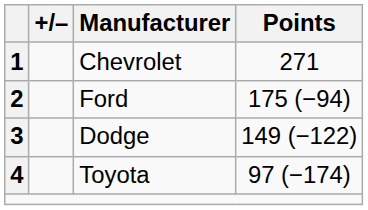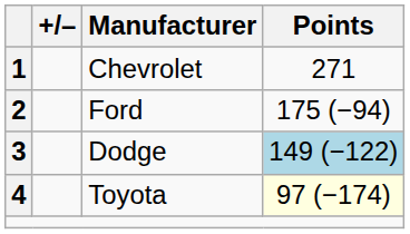 <table class="wikitable">
 <tr>
 <th scope="col"></th>
 <th scope="col">+/–</th>
 <th scope="col">Manufacturer</th>
 <th scope="col">Points</th>
 </tr>
 <tr>
 <th scope="row"><strong>1</strong></th>
 <td align="left"></td>
 <td>Chevrolet</td>
 <td style="text-align:center;">271</td>
 </tr>
 <tr>
 <th scope="row"><strong>2</strong></th>
 <td align="left"></td>
 <td>Ford</td>
 <td style="text-align:center;">175 (−94)</td>
 </tr>
 <tr>
 <th scope="row"><strong>3</strong></th>
 <td align="left"></td>
 <td>Dodge</td>
-<td style="text-align:center;">149 (−122)</td>
+<td style="background: lightblue; text-align:center;">149 (−122)</td>
 </tr>
 <tr>
 <th scope="row"><strong>4</strong></th>
 <td align="left"></td>
 <td>Toyota</td>
-<td style="text-align:center;">97  (−174)</td>
+<td style="background: lightyellow; text-align:center;">97  (−174)</td>
 </tr>
 <tr class="sortbottom">
 <td colspan="9"></td>
 </tr>
 </table>
